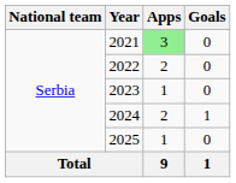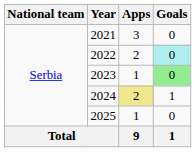 <table class="wikitable" style="text-align:center">
 <tr>
 <th>National team</th>
 <th>Year</th>
 <th>Apps</th>
 <th>Goals</th>
 </tr>
 <tr>
 <td rowspan="5"><a href='#'>Serbia</a></td>
 <td>2021</td>
-<td style="background: lightgreen;">3</td>
+<td>3</td>
 <td>0</td>
 </tr>
 <tr>
 <td>2022</td>
 <td>2</td>
-<td>0</td>
+<td style="background: paleturquoise;">0</td>
 </tr>
 <tr>
 <td>2023</td>
 <td>1</td>
-<td>0</td>
+<td style="background: lightgreen;">0</td>
 </tr>
 <tr>
 <td>2024</td>
-<td>2</td>
+<td style="background: khaki;">2</td>
 <td>1</td>
 </tr>
 <tr>
 <td>2025</td>
 <td>1</td>
 <td>0</td>
 </tr>
 <tr>
 <th colspan="2">Total</th>
 <th>9</th>
 <th>1</th>
 </tr>
 </table>
